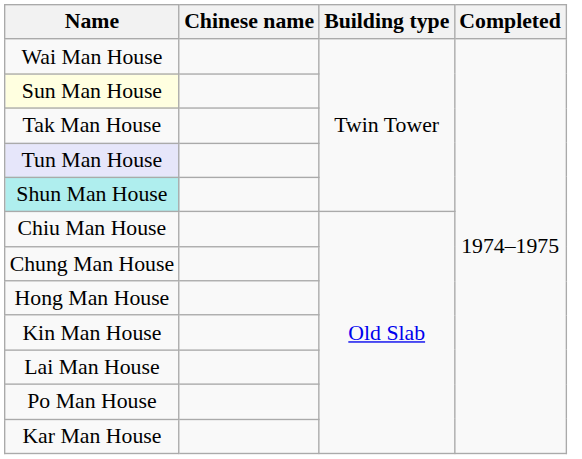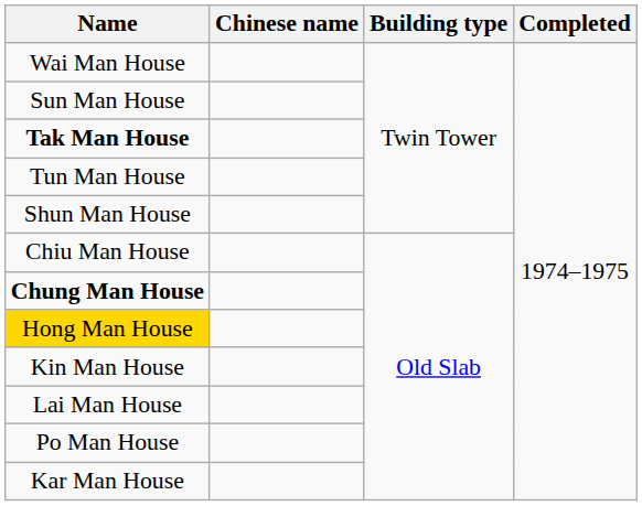 <table class="wikitable" style="text-align: center">
 <tr>
 <th>Name</th>
 <th>Chinese name</th>
 <th>Building type</th>
 <th>Completed</th>
 </tr>
 <tr>
 <td>Wai Man House</td>
 <td></td>
 <td rowspan="5">Twin Tower</td>
 <td rowspan="12">1974–1975</td>
 </tr>
 <tr>
-<td style="background: lightyellow;">Sun Man House</td>
+<td>Sun Man House</td>
 <td></td>
 </tr>
 <tr>
-<td>Tak Man House</td>
+<td><strong>Tak Man House</strong></td>
 <td></td>
 </tr>
 <tr>
-<td style="background: lavender;">Tun Man House</td>
+<td>Tun Man House</td>
 <td></td>
 </tr>
 <tr>
-<td style="background: paleturquoise;">Shun Man House</td>
+<td>Shun Man House</td>
 <td></td>
 </tr>
 <tr>
 <td>Chiu Man House</td>
 <td></td>
 <td rowspan="7"><a href='#'>Old Slab</a></td>
 </tr>
 <tr>
-<td>Chung Man House</td>
+<td><strong>Chung Man House</strong></td>
 <td></td>
 </tr>
 <tr>
-<td>Hong Man House</td>
+<td style="background: gold;">Hong Man House</td>
 <td></td>
 </tr>
 <tr>
 <td>Kin Man House</td>
 <td></td>
 </tr>
 <tr>
 <td>Lai Man House</td>
 <td></td>
 </tr>
 <tr>
 <td>Po Man House</td>
 <td></td>
 </tr>
 <tr>
 <td>Kar Man House</td>
 <td></td>
 </tr>
 </table>
